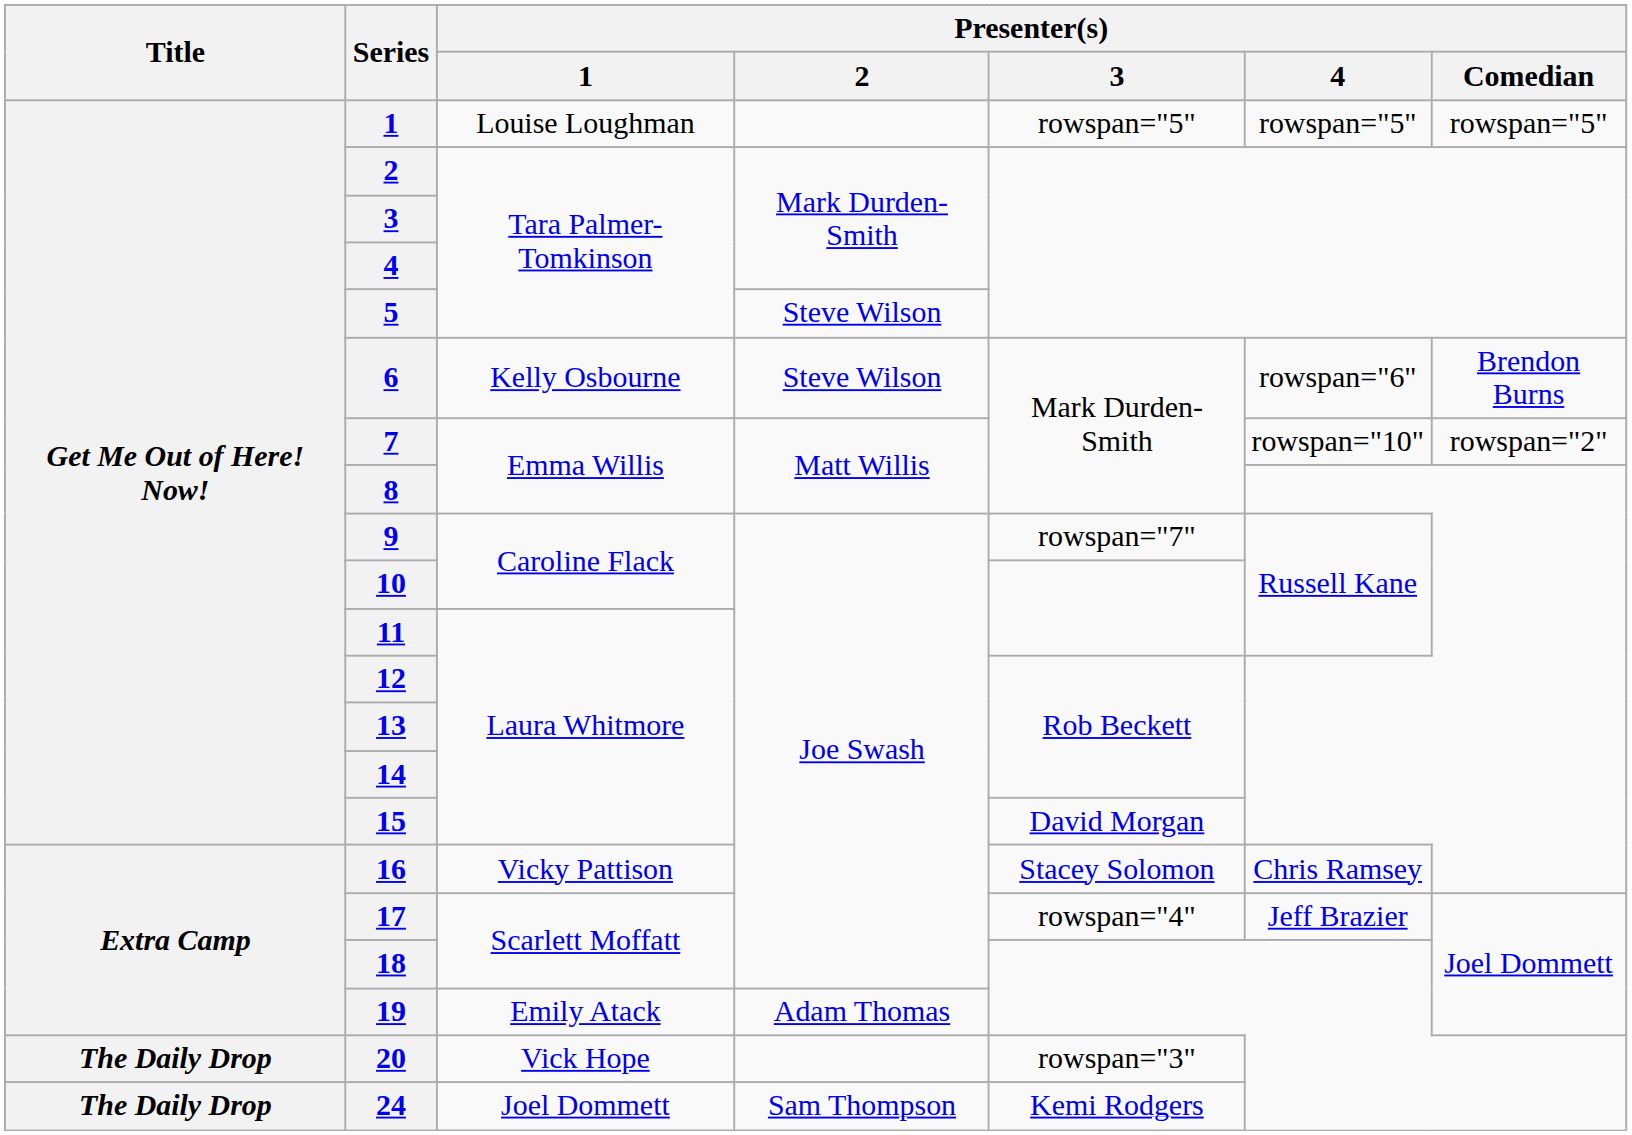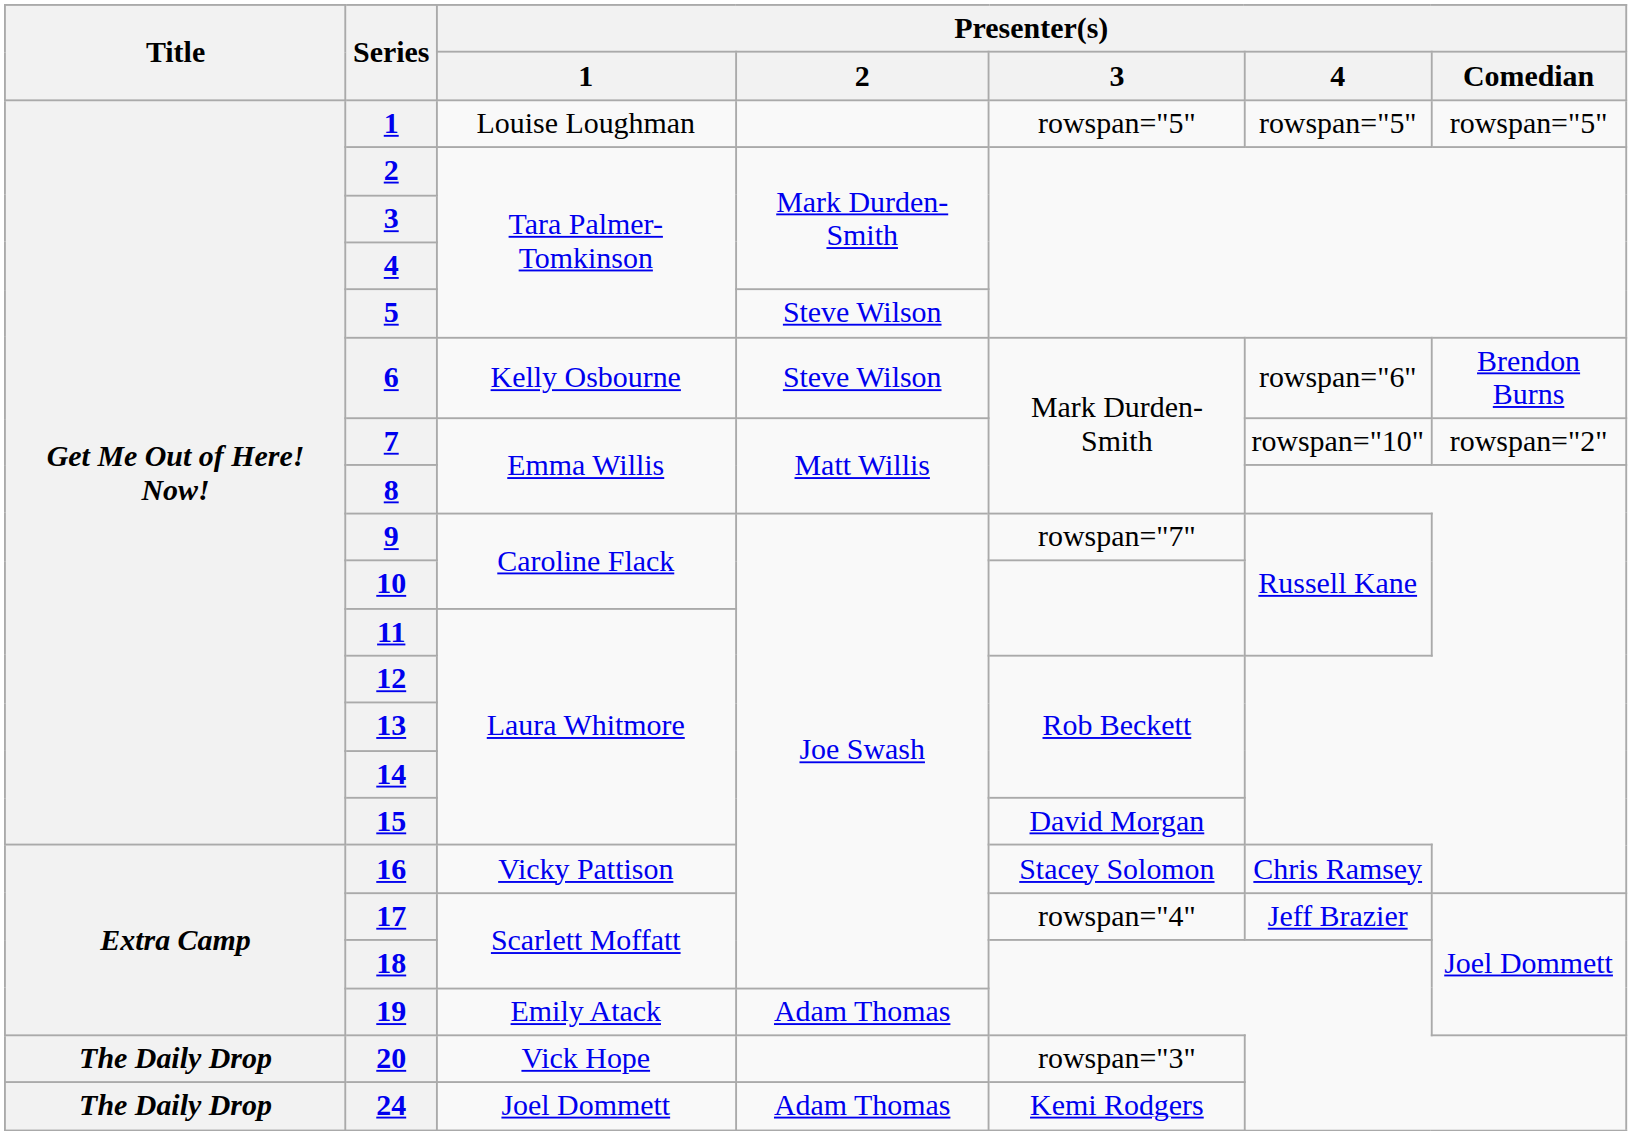 <table class="wikitable" style="text-align:center;">
 <tr>
 <th rowspan="2">Title</th>
 <th rowspan="2">Series</th>
 <th colspan="5">Presenter(s)</th>
 </tr>
 <tr>
 <th>1</th>
 <th>2</th>
 <th>3</th>
 <th>4</th>
 <th>Comedian</th>
 </tr>
 <tr>
 <th rowspan="15"><em>Get Me Out of  Here! Now!</em></th>
 <th><a href='#'>1</a></th>
 <td>Louise Loughman</td>
 <td></td>
 <td>rowspan="5" </td>
 <td>rowspan="5" </td>
 <td>rowspan="5" </td>
 </tr>
 <tr>
 <th><strong><a href='#'>2</a></strong></th>
 <td rowspan="4"><a href='#'>Tara Palmer-Tomkinson</a></td>
 <td rowspan="3"><a href='#'>Mark Durden-Smith</a></td>
 </tr>
 <tr>
 <th><a href='#'>3</a></th>
 </tr>
 <tr>
 <th><a href='#'>4</a></th>
 </tr>
 <tr>
 <th><a href='#'>5</a></th>
 <td><a href='#'>Steve Wilson</a></td>
 </tr>
 <tr>
 <th><a href='#'>6</a></th>
 <td><a href='#'>Kelly Osbourne</a></td>
 <td><a href='#'>Steve Wilson</a></td>
 <td rowspan="3">Mark Durden-Smith</td>
 <td>rowspan="6" </td>
 <td><a href='#'>Brendon Burns</a></td>
 </tr>
 <tr>
 <th><a href='#'>7</a></th>
 <td rowspan="2"><a href='#'>Emma Willis</a></td>
 <td rowspan="2"><a href='#'>Matt Willis</a></td>
 <td>rowspan="10" </td>
 <td>rowspan="2" </td>
 </tr>
 <tr>
 <th><a href='#'>8</a></th>
 </tr>
 <tr>
 <th><a href='#'>9</a></th>
 <td rowspan="2"><a href='#'>Caroline Flack</a></td>
 <td rowspan="10"><a href='#'>Joe Swash</a></td>
 <td>rowspan="7" </td>
 <td rowspan="3"><a href='#'>Russell Kane</a></td>
 </tr>
 <tr>
 <th><a href='#'>10</a></th>
 </tr>
 <tr>
 <th><a href='#'>11</a></th>
 <td rowspan="5"><a href='#'>Laura Whitmore</a></td>
 </tr>
 <tr>
 <th><a href='#'>12</a></th>
 <td rowspan=3><a href='#'>Rob Beckett</a></td>
 </tr>
 <tr>
 <th><a href='#'>13</a></th>
 </tr>
 <tr>
 <th><a href='#'>14</a></th>
 </tr>
 <tr>
 <th><a href='#'>15</a></th>
 <td><a href='#'>David Morgan</a></td>
 </tr>
 <tr>
 <th rowspan="4"><em>Extra Camp</em></th>
 <th><a href='#'>16</a></th>
 <td><a href='#'>Vicky Pattison</a></td>
 <td><a href='#'>Stacey Solomon</a></td>
 <td><a href='#'>Chris Ramsey</a></td>
 </tr>
 <tr>
 <th><a href='#'>17</a></th>
 <td rowspan="2"><a href='#'>Scarlett Moffatt</a></td>
 <td>rowspan="4" </td>
 <td><a href='#'>Jeff Brazier</a></td>
 <td rowspan="3"><a href='#'>Joel Dommett</a></td>
 </tr>
 <tr>
 <th><a href='#'>18</a></th>
 </tr>
 <tr>
 <th><a href='#'>19</a></th>
 <td><a href='#'>Emily Atack</a></td>
 <td><a href='#'>Adam Thomas</a></td>
 </tr>
 <tr>
 <th><em>The Daily Drop</em></th>
 <th><a href='#'>20</a></th>
 <td><a href='#'>Vick Hope</a></td>
 <td></td>
 <td>rowspan="3" </td>
 </tr>
 <tr>
 <th><em>The Daily Drop</em></th>
 <th><a href='#'>24</a></th>
 <td><a href='#'>Joel Dommett</a></td>
-<td><a href='#'>Sam Thompson</a></td>
+<td><a href='#'>Adam Thomas</a></td>
 <td><a href='#'>Kemi Rodgers</a></td>
 </tr>
 <tr>
 </tr>
 </table>
